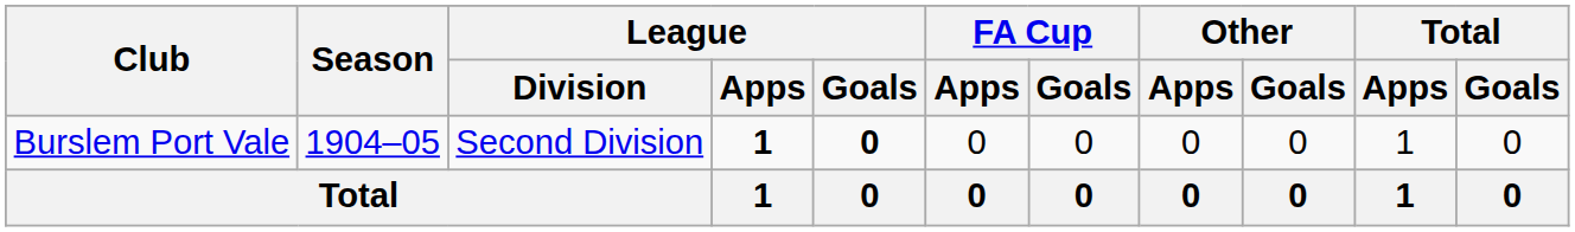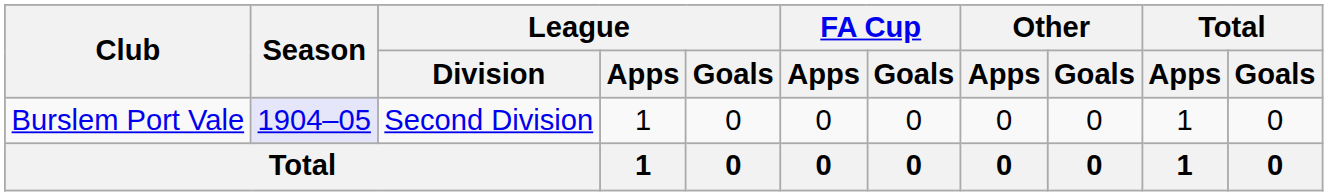 <table class="wikitable" style="text-align:center">
 <tr>
 <th rowspan="2">Club</th>
 <th rowspan="2">Season</th>
 <th colspan="3">League</th>
 <th colspan="2"><a href='#'>FA Cup</a></th>
 <th colspan="2">Other</th>
 <th colspan="2">Total</th>
 </tr>
 <tr>
 <th>Division</th>
 <th>Apps</th>
 <th>Goals</th>
 <th>Apps</th>
 <th>Goals</th>
 <th>Apps</th>
 <th>Goals</th>
 <th>Apps</th>
 <th>Goals</th>
 </tr>
 <tr>
 <td><a href='#'>Burslem Port Vale</a></td>
-<td><a href='#'>1904–05</a></td>
+<td style="background: lavender;"><a href='#'>1904–05</a></td>
 <td><a href='#'>Second Division</a></td>
-<td><strong>1</strong></td>
-<td><strong>0</strong></td>
+<td>1</td>
+<td>0</td>
 <td>0</td>
 <td>0</td>
 <td>0</td>
 <td>0</td>
 <td>1</td>
 <td>0</td>
 </tr>
 <tr>
 <th colspan="3">Total</th>
 <th>1</th>
 <th>0</th>
 <th>0</th>
 <th>0</th>
 <th>0</th>
 <th>0</th>
 <th>1</th>
 <th>0</th>
 </tr>
 </table>
